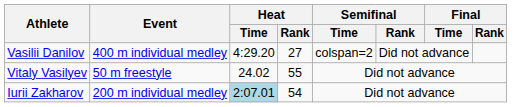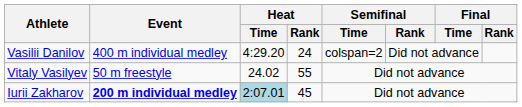 <table class=wikitable style="font-size:90%">
 <tr>
 <th rowspan="2">Athlete</th>
 <th rowspan="2">Event</th>
 <th colspan="2">Heat</th>
 <th colspan="2">Semifinal</th>
 <th colspan="2">Final</th>
 </tr>
 <tr style="font-size:95%">
 <th>Time</th>
 <th>Rank</th>
 <th>Time</th>
 <th>Rank</th>
 <th>Time</th>
 <th>Rank</th>
 </tr>
 <tr align=center>
 <td align=left><a href='#'>Vasilii Danilov</a></td>
 <td align=left><a href='#'>400 m individual medley</a></td>
 <td>4:29.20</td>
-<td>27</td>
+<td>24</td>
 <td>colspan=2 </td>
 <td colspan=2>Did not advance</td>
 </tr>
 <tr align=center>
 <td align=left><a href='#'>Vitaly Vasilyev</a></td>
 <td align=left><a href='#'>50 m freestyle</a></td>
 <td>24.02</td>
 <td>55</td>
 <td colspan=4>Did not advance</td>
 </tr>
 <tr align=center>
 <td align=left><a href='#'>Iurii Zakharov</a></td>
-<td align=left><a href='#'>200 m individual medley</a></td>
+<td align=left><strong><a href='#'>200 m individual medley</a></strong></td>
 <td style="background: lightblue;">2:07.01</td>
-<td>54</td>
+<td>45</td>
 <td colspan=4>Did not advance</td>
 </tr>
 </table>
